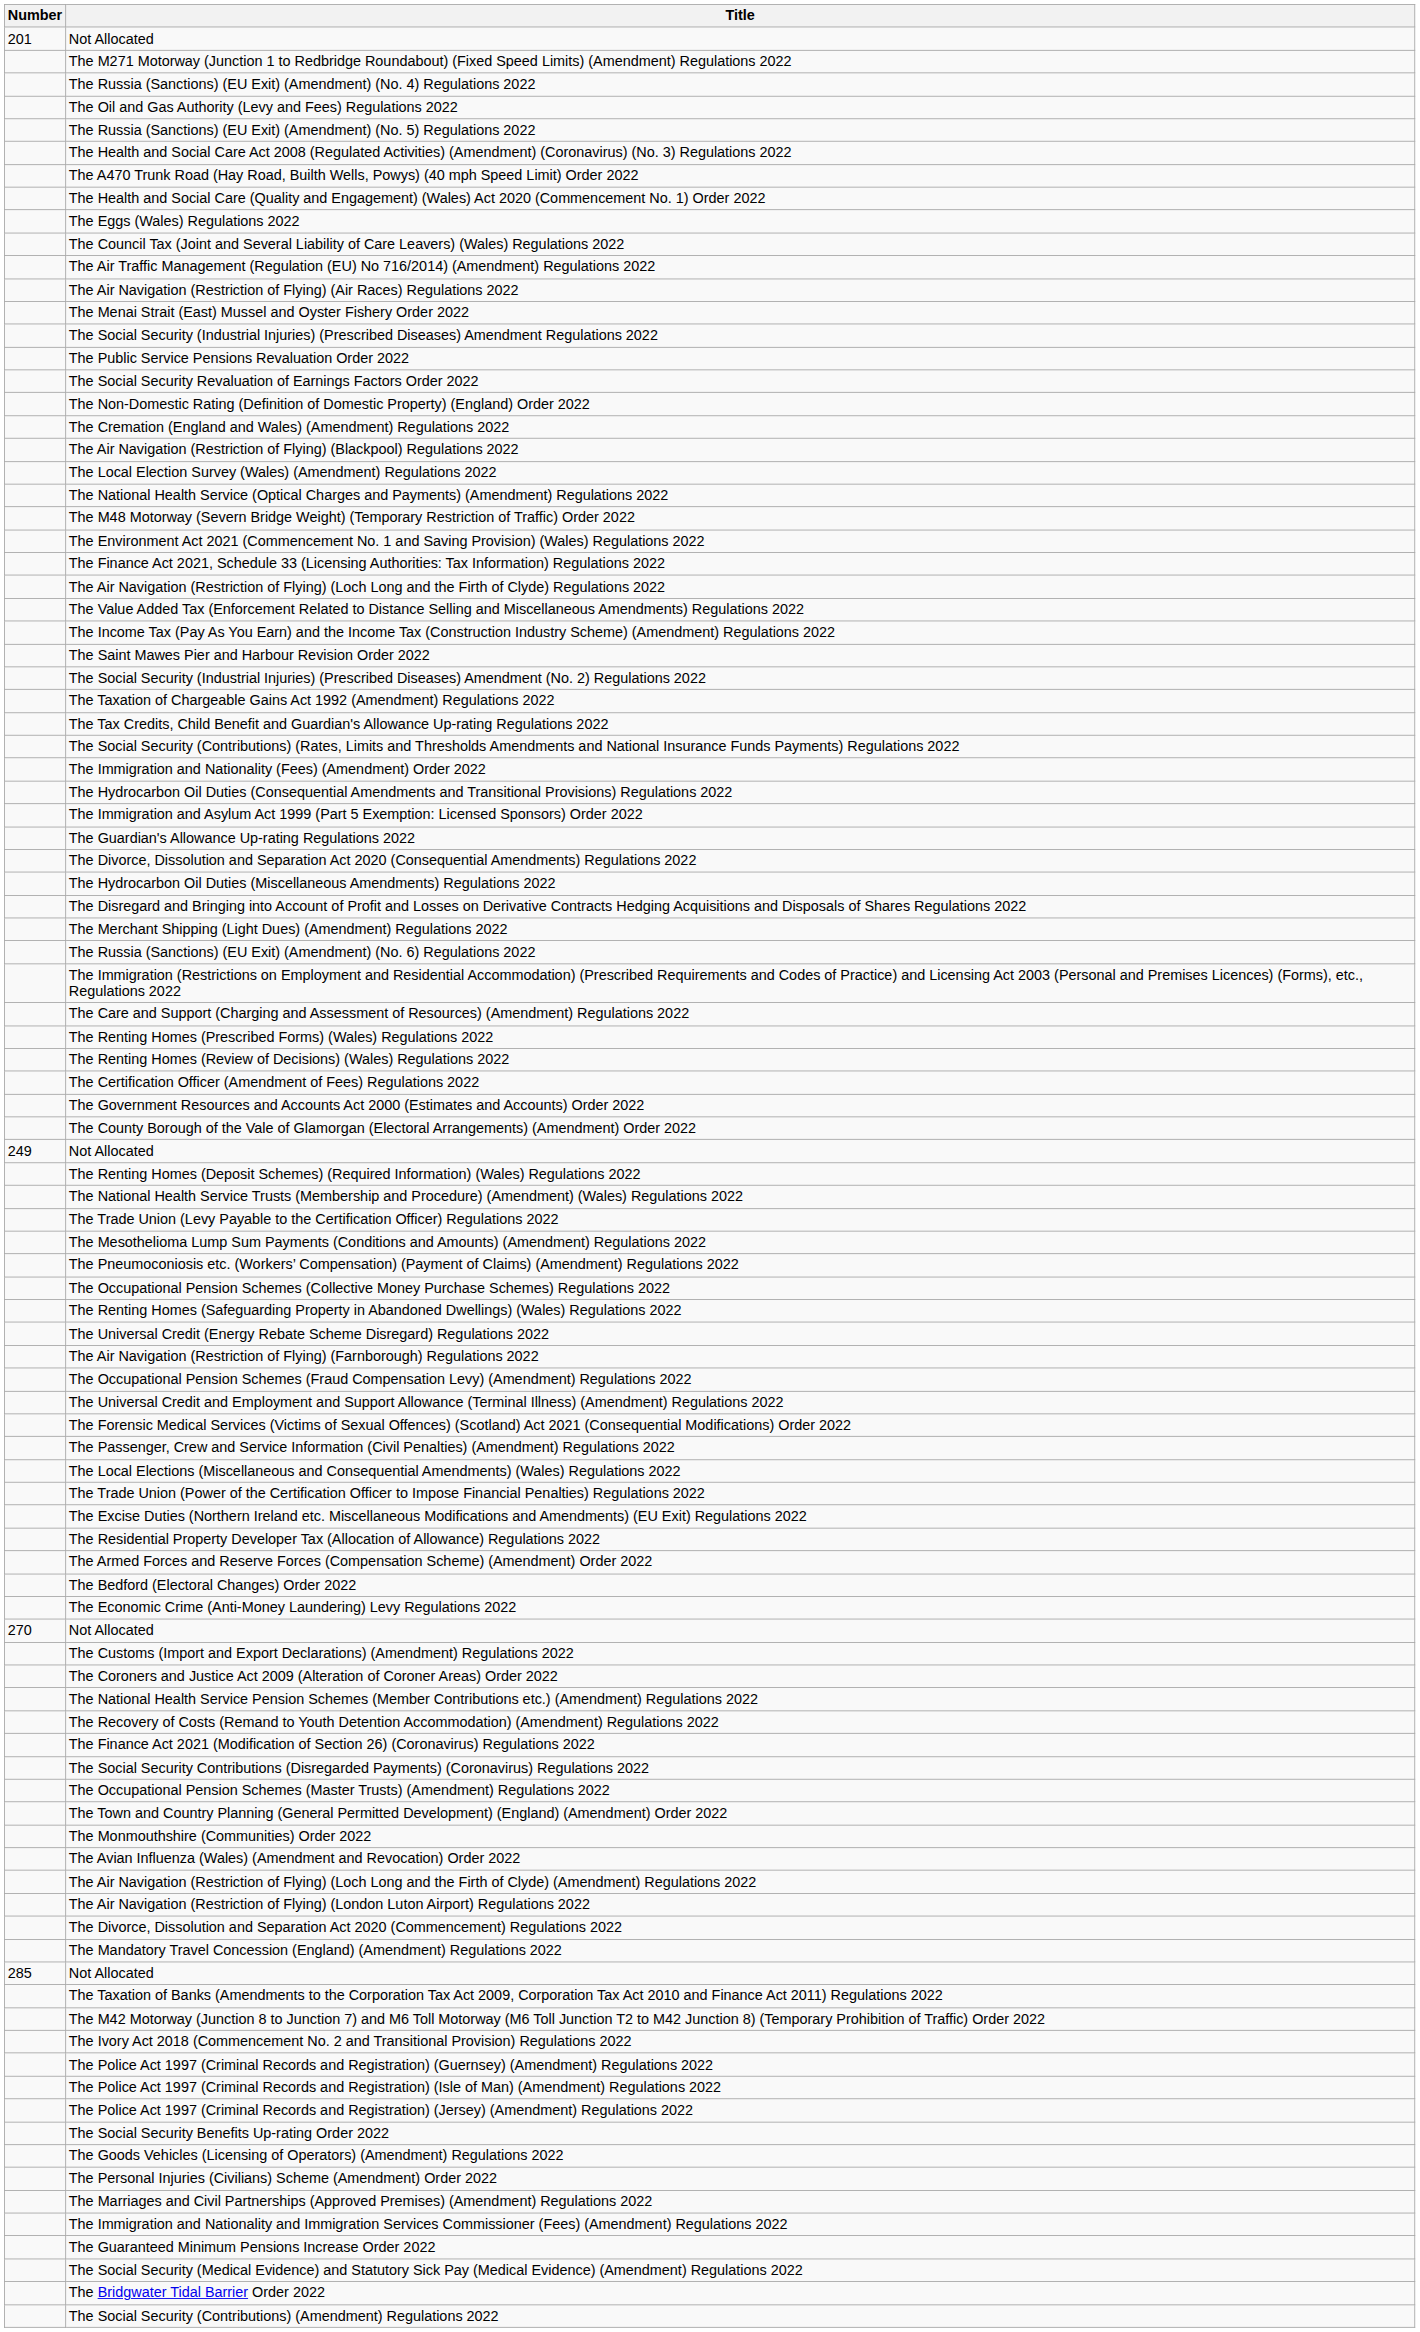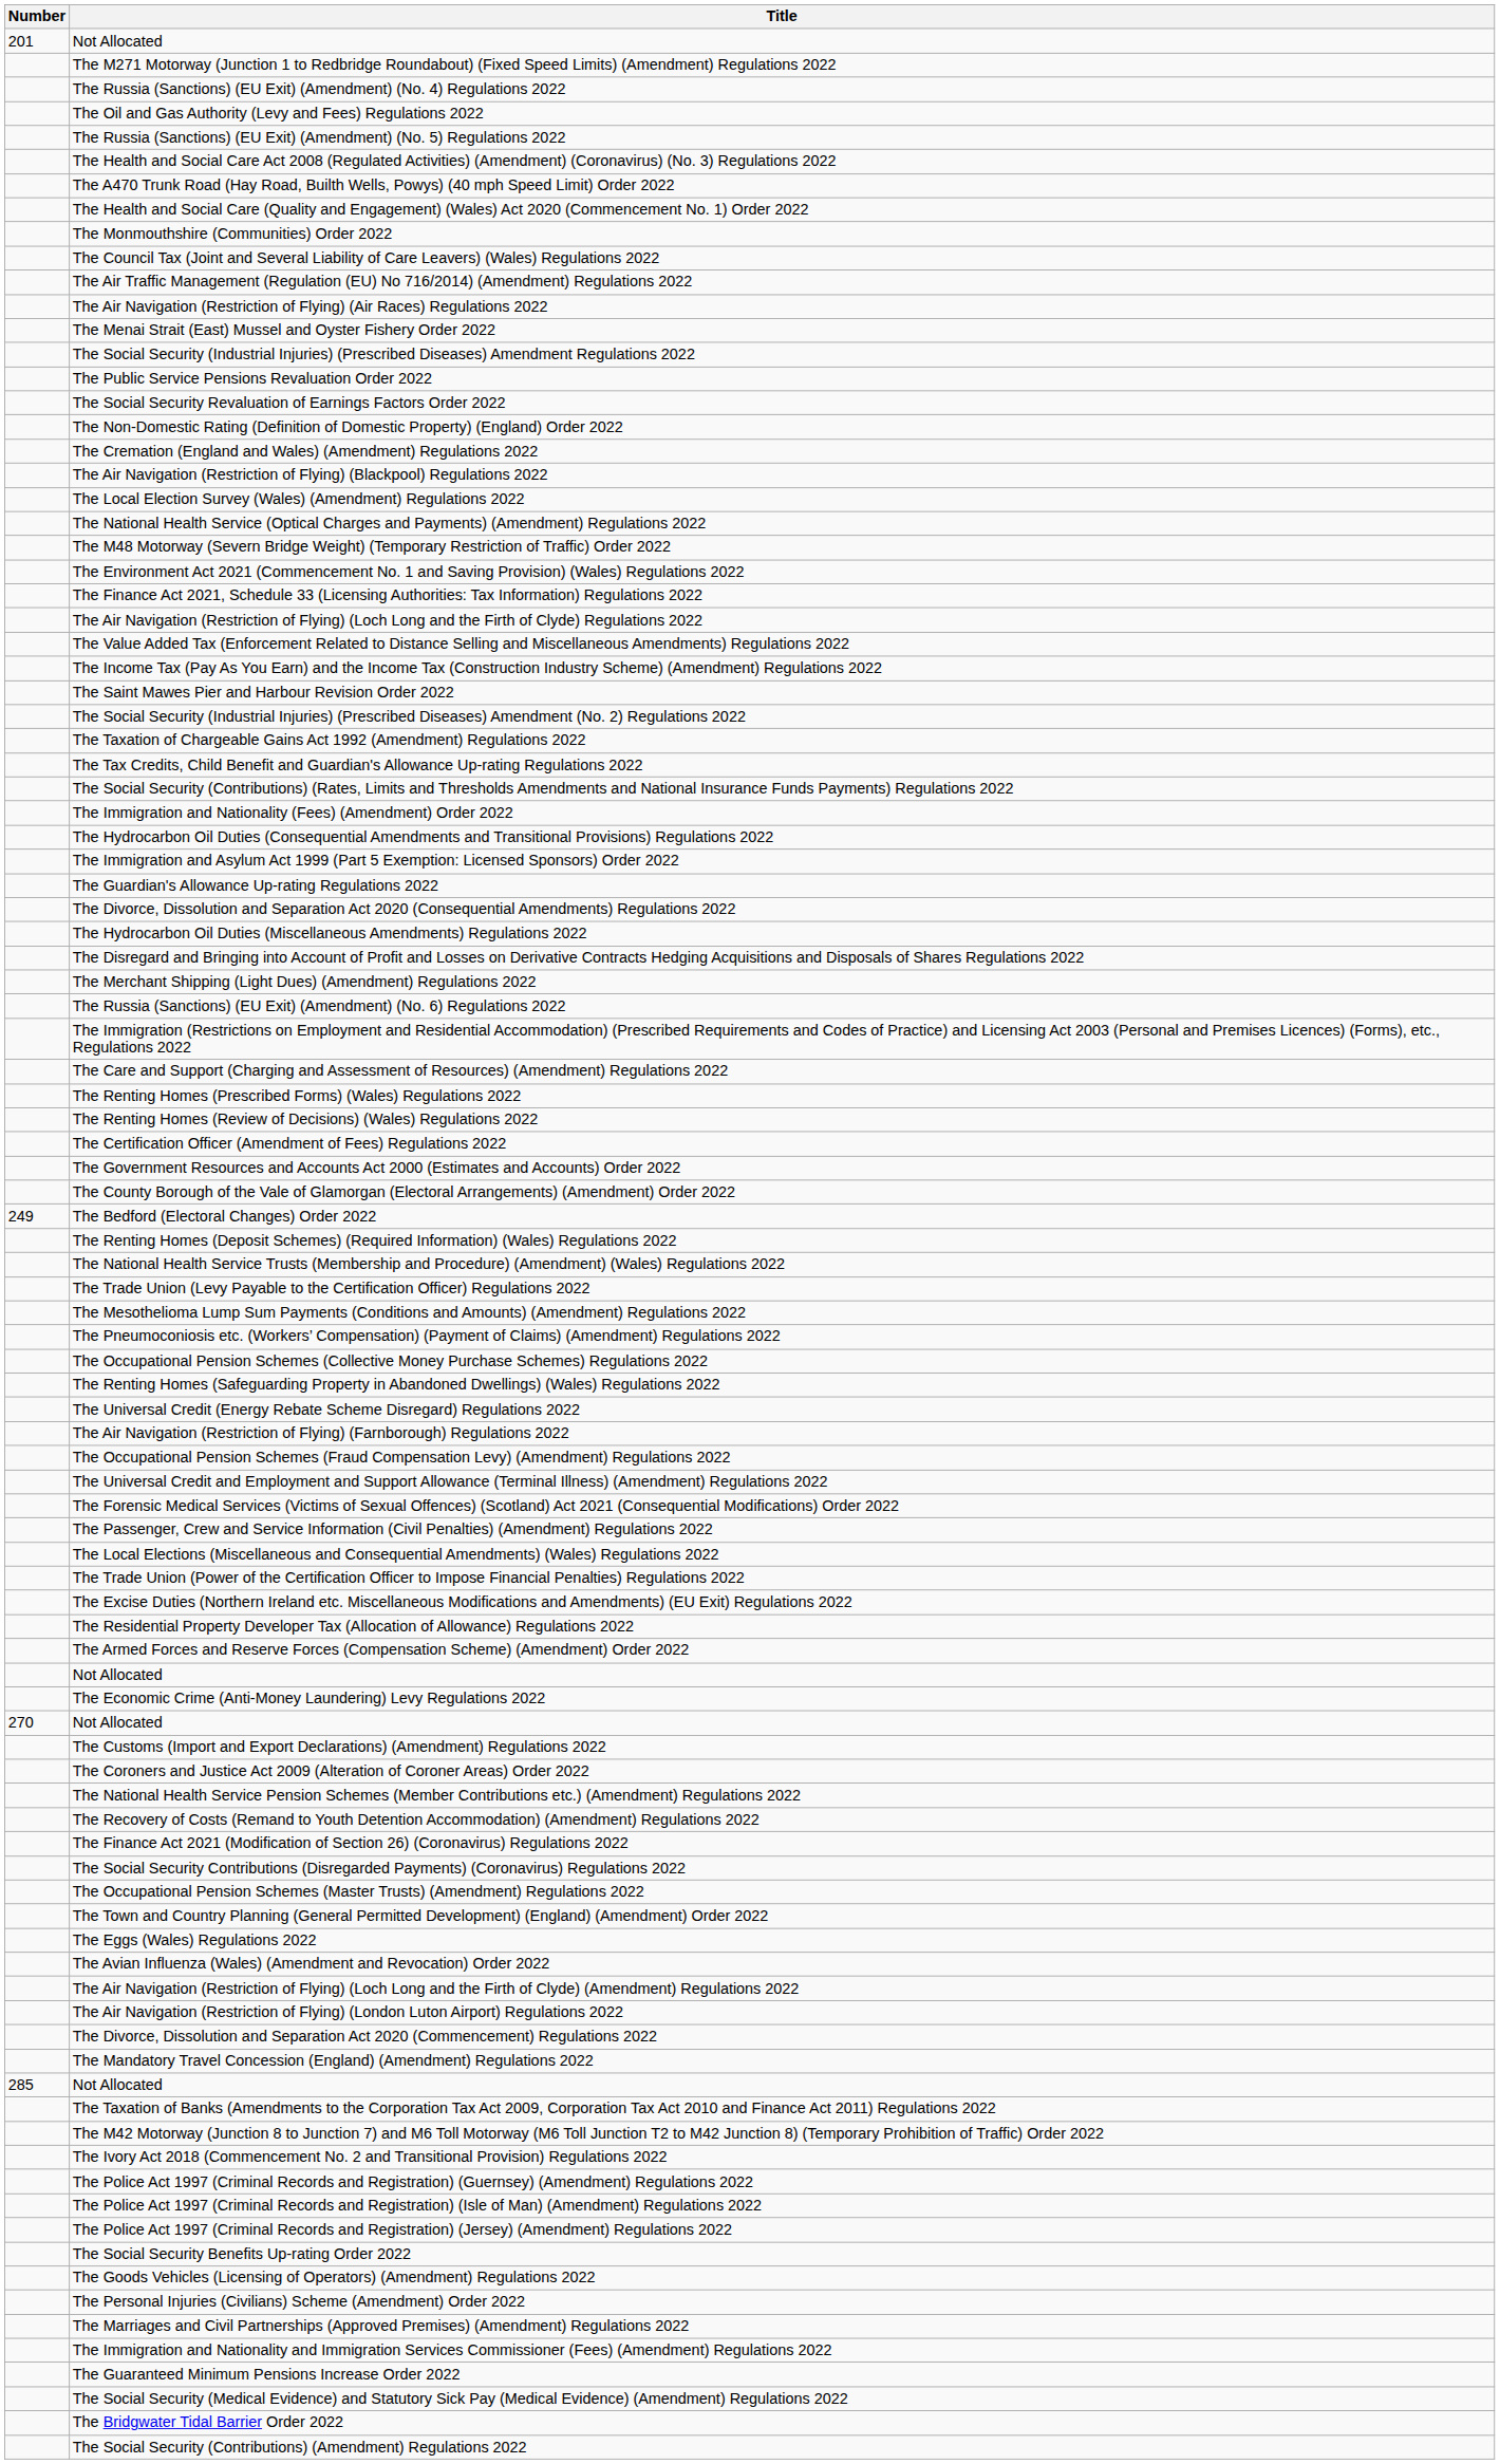 <table class="wikitable collapsible">
 <tr>
 <th>Number</th>
 <th>Title</th>
 </tr>
 <tr>
 <td>201</td>
 <td>Not Allocated</td>
 </tr>
 <tr>
 <td></td>
 <td>The M271 Motorway (Junction 1 to Redbridge Roundabout) (Fixed Speed Limits) (Amendment) Regulations 2022</td>
 </tr>
 <tr>
 <td></td>
 <td>The Russia (Sanctions) (EU Exit) (Amendment) (No. 4) Regulations 2022</td>
 </tr>
 <tr>
 <td></td>
 <td>The Oil and Gas Authority (Levy and Fees) Regulations 2022</td>
 </tr>
 <tr>
 <td></td>
 <td>The Russia (Sanctions) (EU Exit) (Amendment) (No. 5) Regulations 2022</td>
 </tr>
 <tr>
 <td></td>
 <td>The Health and Social Care Act 2008 (Regulated Activities) (Amendment) (Coronavirus) (No. 3) Regulations 2022</td>
 </tr>
 <tr>
 <td></td>
 <td>The A470 Trunk Road (Hay Road, Builth Wells, Powys) (40 mph Speed Limit) Order 2022</td>
 </tr>
 <tr>
 <td></td>
 <td>The Health and Social Care (Quality and Engagement) (Wales) Act 2020 (Commencement No. 1) Order 2022</td>
 </tr>
 <tr>
 <td></td>
-<td>The Eggs (Wales) Regulations 2022</td>
+<td>The Monmouthshire (Communities) Order 2022</td>
 </tr>
 <tr>
 <td></td>
 <td>The Council Tax (Joint and Several Liability of Care Leavers) (Wales) Regulations 2022</td>
 </tr>
 <tr>
 <td></td>
 <td>The Air Traffic Management (Regulation (EU) No 716/2014) (Amendment) Regulations 2022</td>
 </tr>
 <tr>
 <td></td>
 <td>The Air Navigation (Restriction of Flying) (Air Races) Regulations 2022</td>
 </tr>
 <tr>
 <td></td>
 <td>The Menai Strait (East) Mussel and Oyster Fishery Order 2022</td>
 </tr>
 <tr>
 <td></td>
 <td>The Social Security (Industrial Injuries) (Prescribed Diseases) Amendment Regulations 2022</td>
 </tr>
 <tr>
 <td></td>
 <td>The Public Service Pensions Revaluation Order 2022</td>
 </tr>
 <tr>
 <td></td>
 <td>The Social Security Revaluation of Earnings Factors Order 2022</td>
 </tr>
 <tr>
 <td></td>
 <td>The Non-Domestic Rating (Definition of Domestic Property) (England) Order 2022</td>
 </tr>
 <tr>
 <td></td>
 <td>The Cremation (England and Wales) (Amendment) Regulations 2022</td>
 </tr>
 <tr>
 <td></td>
 <td>The Air Navigation (Restriction of Flying) (Blackpool) Regulations 2022</td>
 </tr>
 <tr>
 <td></td>
 <td>The Local Election Survey (Wales) (Amendment) Regulations 2022</td>
 </tr>
 <tr>
 <td></td>
 <td>The National Health Service (Optical Charges and Payments) (Amendment) Regulations 2022</td>
 </tr>
 <tr>
 <td></td>
 <td>The M48 Motorway (Severn Bridge Weight) (Temporary Restriction of Traffic) Order 2022</td>
 </tr>
 <tr>
 <td></td>
 <td>The Environment Act 2021 (Commencement No. 1 and Saving Provision) (Wales) Regulations 2022</td>
 </tr>
 <tr>
 <td></td>
 <td>The Finance Act 2021, Schedule 33 (Licensing Authorities: Tax Information) Regulations 2022</td>
 </tr>
 <tr>
 <td></td>
 <td>The Air Navigation (Restriction of Flying) (Loch Long and the Firth of Clyde) Regulations 2022</td>
 </tr>
 <tr>
 <td></td>
 <td>The Value Added Tax (Enforcement Related to Distance Selling and Miscellaneous Amendments) Regulations 2022</td>
 </tr>
 <tr>
 <td></td>
 <td>The Income Tax (Pay As You Earn) and the Income Tax (Construction Industry Scheme) (Amendment) Regulations 2022</td>
 </tr>
 <tr>
 <td></td>
 <td>The Saint Mawes Pier and Harbour Revision Order 2022</td>
 </tr>
 <tr>
 <td></td>
 <td>The Social Security (Industrial Injuries) (Prescribed Diseases) Amendment (No. 2) Regulations 2022</td>
 </tr>
 <tr>
 <td></td>
 <td>The Taxation of Chargeable Gains Act 1992 (Amendment) Regulations 2022</td>
 </tr>
 <tr>
 <td></td>
 <td>The Tax Credits, Child Benefit and Guardian's Allowance Up-rating Regulations 2022</td>
 </tr>
 <tr>
 <td></td>
 <td>The Social Security (Contributions) (Rates, Limits and Thresholds Amendments and National Insurance Funds Payments) Regulations 2022</td>
 </tr>
 <tr>
 <td></td>
 <td>The Immigration and Nationality (Fees) (Amendment) Order 2022</td>
 </tr>
 <tr>
 <td></td>
 <td>The Hydrocarbon Oil Duties (Consequential Amendments and Transitional Provisions) Regulations 2022</td>
 </tr>
 <tr>
 <td></td>
 <td>The Immigration and Asylum Act 1999 (Part 5 Exemption: Licensed Sponsors) Order 2022</td>
 </tr>
 <tr>
 <td></td>
 <td>The Guardian's Allowance Up-rating Regulations 2022</td>
 </tr>
 <tr>
 <td></td>
 <td>The Divorce, Dissolution and Separation Act 2020 (Consequential Amendments) Regulations 2022</td>
 </tr>
 <tr>
 <td></td>
 <td>The Hydrocarbon Oil Duties (Miscellaneous Amendments) Regulations 2022</td>
 </tr>
 <tr>
 <td></td>
 <td>The Disregard and Bringing into Account of Profit and Losses on Derivative Contracts Hedging Acquisitions and Disposals of Shares Regulations 2022</td>
 </tr>
 <tr>
 <td></td>
 <td>The Merchant Shipping (Light Dues) (Amendment) Regulations 2022</td>
 </tr>
 <tr>
 <td></td>
 <td>The Russia (Sanctions) (EU Exit) (Amendment) (No. 6) Regulations 2022</td>
 </tr>
 <tr>
 <td></td>
 <td>The Immigration (Restrictions on Employment and Residential Accommodation) (Prescribed Requirements and Codes of Practice) and Licensing Act 2003 (Personal and Premises Licences) (Forms), etc., Regulations 2022</td>
 </tr>
 <tr>
 <td></td>
 <td>The Care and Support (Charging and Assessment of Resources) (Amendment) Regulations 2022</td>
 </tr>
 <tr>
 <td></td>
 <td>The Renting Homes (Prescribed Forms) (Wales) Regulations 2022</td>
 </tr>
 <tr>
 <td></td>
 <td>The Renting Homes (Review of Decisions) (Wales) Regulations 2022</td>
 </tr>
 <tr>
 <td></td>
 <td>The Certification Officer (Amendment of Fees) Regulations 2022</td>
 </tr>
 <tr>
 <td></td>
 <td>The Government Resources and Accounts Act 2000 (Estimates and Accounts) Order 2022</td>
 </tr>
 <tr>
 <td></td>
 <td>The County Borough of the Vale of Glamorgan (Electoral Arrangements) (Amendment) Order 2022</td>
 </tr>
 <tr>
 <td>249</td>
-<td>Not Allocated</td>
+<td>The Bedford (Electoral Changes) Order 2022</td>
 </tr>
 <tr>
 <td></td>
 <td>The Renting Homes (Deposit Schemes) (Required Information) (Wales) Regulations 2022</td>
 </tr>
 <tr>
 <td></td>
 <td>The National Health Service Trusts (Membership and Procedure) (Amendment) (Wales) Regulations 2022</td>
 </tr>
 <tr>
 <td></td>
 <td>The Trade Union (Levy Payable to the Certification Officer) Regulations 2022</td>
 </tr>
 <tr>
 <td></td>
 <td>The Mesothelioma Lump Sum Payments (Conditions and Amounts) (Amendment) Regulations 2022</td>
 </tr>
 <tr>
 <td></td>
 <td>The Pneumoconiosis etc. (Workers’ Compensation) (Payment of Claims) (Amendment) Regulations 2022</td>
 </tr>
 <tr>
 <td></td>
 <td>The Occupational Pension Schemes (Collective Money Purchase Schemes) Regulations 2022</td>
 </tr>
 <tr>
 <td></td>
 <td>The Renting Homes (Safeguarding Property in Abandoned Dwellings) (Wales) Regulations 2022</td>
 </tr>
 <tr>
 <td></td>
 <td>The Universal Credit (Energy Rebate Scheme Disregard) Regulations 2022</td>
 </tr>
 <tr>
 <td></td>
 <td>The Air Navigation (Restriction of Flying) (Farnborough) Regulations 2022</td>
 </tr>
 <tr>
 <td></td>
 <td>The Occupational Pension Schemes (Fraud Compensation Levy) (Amendment) Regulations 2022</td>
 </tr>
 <tr>
 <td></td>
 <td>The Universal Credit and Employment and Support Allowance (Terminal Illness) (Amendment) Regulations 2022</td>
 </tr>
 <tr>
 <td></td>
 <td>The Forensic Medical Services (Victims of Sexual Offences) (Scotland) Act 2021 (Consequential Modifications) Order 2022</td>
 </tr>
 <tr>
 <td></td>
 <td>The Passenger, Crew and Service Information (Civil Penalties) (Amendment) Regulations 2022</td>
 </tr>
 <tr>
 <td></td>
 <td>The Local Elections (Miscellaneous and Consequential Amendments) (Wales) Regulations 2022</td>
 </tr>
 <tr>
 <td></td>
 <td>The Trade Union (Power of the Certification Officer to Impose Financial Penalties) Regulations 2022</td>
 </tr>
 <tr>
 <td></td>
 <td>The Excise Duties (Northern Ireland etc. Miscellaneous Modifications and Amendments) (EU Exit) Regulations 2022</td>
 </tr>
 <tr>
 <td></td>
 <td>The Residential Property Developer Tax (Allocation of Allowance) Regulations 2022</td>
 </tr>
 <tr>
 <td></td>
 <td>The Armed Forces and Reserve Forces (Compensation Scheme) (Amendment) Order 2022</td>
 </tr>
 <tr>
 <td></td>
-<td>The Bedford (Electoral Changes) Order 2022</td>
+<td>Not Allocated</td>
 </tr>
 <tr>
 <td></td>
 <td>The Economic Crime (Anti-Money Laundering) Levy Regulations 2022</td>
 </tr>
 <tr>
 <td>270</td>
 <td>Not Allocated</td>
 </tr>
 <tr>
 <td></td>
 <td>The Customs (Import and Export Declarations) (Amendment) Regulations 2022</td>
 </tr>
 <tr>
 <td></td>
 <td>The Coroners and Justice Act 2009 (Alteration of Coroner Areas) Order 2022</td>
 </tr>
 <tr>
 <td></td>
 <td>The National Health Service Pension Schemes (Member Contributions etc.) (Amendment) Regulations 2022</td>
 </tr>
 <tr>
 <td></td>
 <td>The Recovery of Costs (Remand to Youth Detention Accommodation) (Amendment) Regulations 2022</td>
 </tr>
 <tr>
 <td></td>
 <td>The Finance Act 2021 (Modification of Section 26) (Coronavirus) Regulations 2022</td>
 </tr>
 <tr>
 <td></td>
 <td>The Social Security Contributions (Disregarded Payments) (Coronavirus) Regulations 2022</td>
 </tr>
 <tr>
 <td></td>
 <td>The Occupational Pension Schemes (Master Trusts) (Amendment) Regulations 2022</td>
 </tr>
 <tr>
 <td></td>
 <td>The Town and Country Planning (General Permitted Development) (England) (Amendment) Order 2022</td>
 </tr>
 <tr>
 <td></td>
-<td>The Monmouthshire (Communities) Order 2022</td>
+<td>The Eggs (Wales) Regulations 2022</td>
 </tr>
 <tr>
 <td></td>
 <td>The Avian Influenza (Wales) (Amendment and Revocation) Order 2022</td>
 </tr>
 <tr>
 <td></td>
 <td>The Air Navigation (Restriction of Flying) (Loch Long and the Firth of Clyde) (Amendment) Regulations 2022</td>
 </tr>
 <tr>
 <td></td>
 <td>The Air Navigation (Restriction of Flying) (London Luton Airport) Regulations 2022</td>
 </tr>
 <tr>
 <td></td>
 <td>The Divorce, Dissolution and Separation Act 2020 (Commencement) Regulations 2022</td>
 </tr>
 <tr>
 <td></td>
 <td>The Mandatory Travel Concession (England) (Amendment) Regulations 2022</td>
 </tr>
 <tr>
 <td>285</td>
 <td>Not Allocated</td>
 </tr>
 <tr>
 <td></td>
 <td>The Taxation of Banks (Amendments to the Corporation Tax Act 2009, Corporation Tax Act 2010 and Finance Act 2011) Regulations 2022</td>
 </tr>
 <tr>
 <td></td>
 <td>The M42 Motorway (Junction 8 to Junction 7) and M6 Toll Motorway (M6 Toll Junction T2 to M42 Junction 8) (Temporary Prohibition of Traffic) Order 2022</td>
 </tr>
 <tr>
 <td></td>
 <td>The Ivory Act 2018 (Commencement No. 2 and Transitional Provision) Regulations 2022</td>
 </tr>
 <tr>
 <td></td>
 <td>The Police Act 1997 (Criminal Records and Registration) (Guernsey) (Amendment) Regulations 2022</td>
 </tr>
 <tr>
 <td></td>
 <td>The Police Act 1997 (Criminal Records and Registration) (Isle of Man) (Amendment) Regulations 2022</td>
 </tr>
 <tr>
 <td></td>
 <td>The Police Act 1997 (Criminal Records and Registration) (Jersey) (Amendment) Regulations 2022</td>
 </tr>
 <tr>
 <td></td>
 <td>The Social Security Benefits Up-rating Order 2022</td>
 </tr>
 <tr>
 <td></td>
 <td>The Goods Vehicles (Licensing of Operators) (Amendment) Regulations 2022</td>
 </tr>
 <tr>
 <td></td>
 <td>The Personal Injuries (Civilians) Scheme (Amendment) Order 2022</td>
 </tr>
 <tr>
 <td></td>
 <td>The Marriages and Civil Partnerships (Approved Premises) (Amendment) Regulations 2022</td>
 </tr>
 <tr>
 <td></td>
 <td>The Immigration and Nationality and Immigration Services Commissioner (Fees) (Amendment) Regulations 2022</td>
 </tr>
 <tr>
 <td></td>
 <td>The Guaranteed Minimum Pensions Increase Order 2022</td>
 </tr>
 <tr>
 <td></td>
 <td>The Social Security (Medical Evidence) and Statutory Sick Pay (Medical Evidence) (Amendment) Regulations 2022</td>
 </tr>
 <tr>
 <td></td>
 <td>The <a href='#'>Bridgwater Tidal Barrier</a> Order 2022</td>
 </tr>
 <tr>
 <td></td>
 <td>The Social Security (Contributions) (Amendment) Regulations 2022</td>
 </tr>
 </table>
